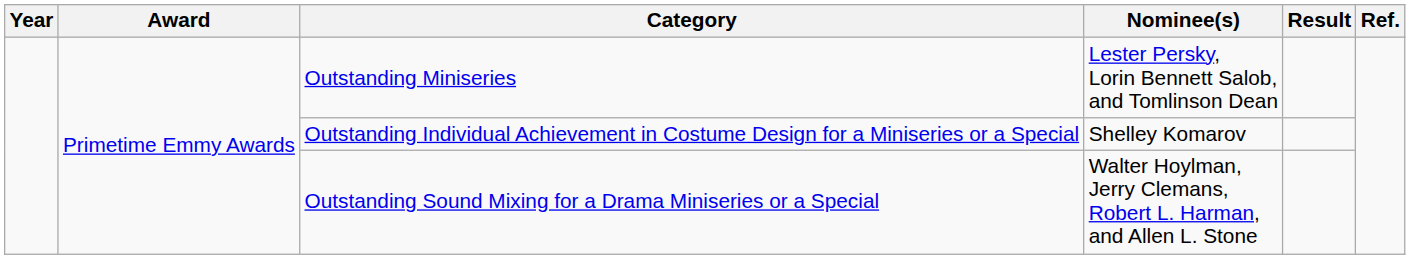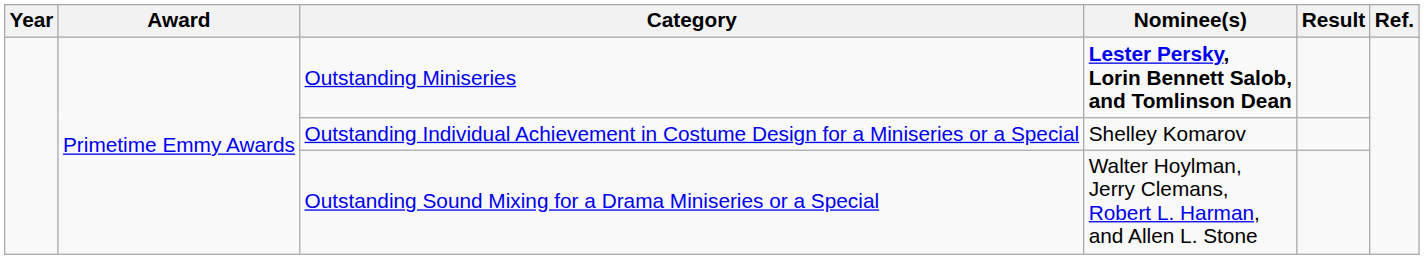 <table class="wikitable sortable">
 <tr>
 <th>Year</th>
 <th>Award</th>
 <th>Category</th>
 <th>Nominee(s)</th>
 <th>Result</th>
 <th>Ref.</th>
 </tr>
 <tr>
 <td rowspan="3"></td>
 <td rowspan="3"><a href='#'>Primetime Emmy Awards</a></td>
 <td><a href='#'>Outstanding Miniseries</a></td>
-<td><a href='#'>Lester Persky</a>, <br> Lorin Bennett Salob, <br> and Tomlinson Dean</td>
+<td><strong><a href='#'>Lester Persky</a>, <br> Lorin Bennett Salob, <br> and Tomlinson Dean</strong></td>
 <td></td>
 <td align="center" rowspan="3"></td>
 </tr>
 <tr>
 <td><a href='#'>Outstanding Individual Achievement in Costume Design for a Miniseries or a Special</a></td>
 <td>Shelley Komarov <br> </td>
 <td></td>
 </tr>
 <tr>
 <td><a href='#'>Outstanding Sound Mixing for a Drama Miniseries or a Special</a></td>
 <td>Walter Hoylman, <br> Jerry Clemans, <br> <a href='#'>Robert L. Harman</a>, <br> and Allen L. Stone <br> </td>
 <td></td>
 </tr>
 </table>
